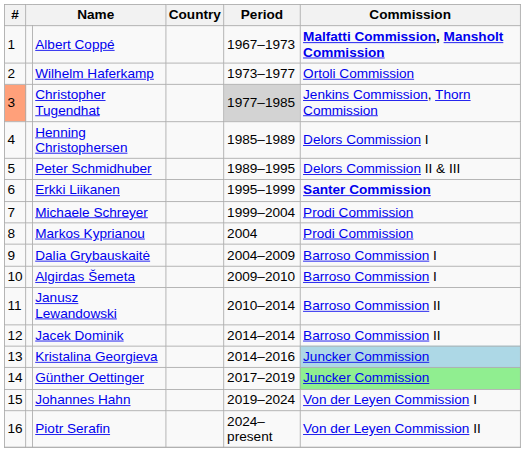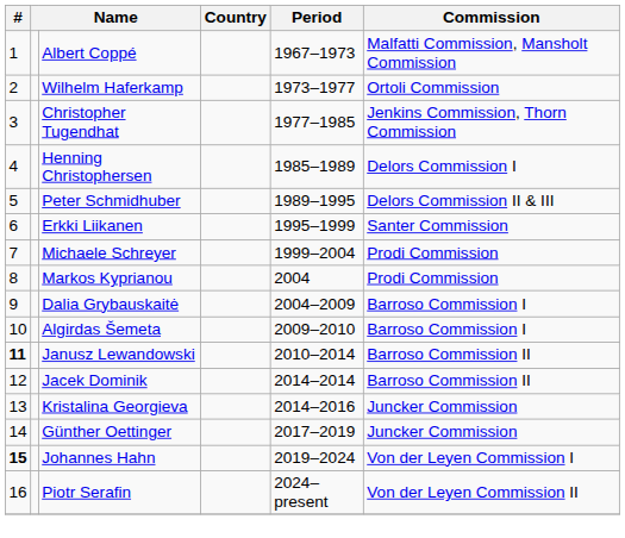 <table class="wikitable">
 <tr>
 <th>#</th>
 <th colspan=2>Name</th>
 <th>Country</th>
 <th>Period</th>
 <th>Commission</th>
 </tr>
 <tr>
 <td>1</td>
 <td></td>
 <td><a href='#'>Albert Coppé</a></td>
 <td></td>
 <td>1967–1973</td>
-<td><strong><a href='#'>Malfatti Commission</a>, <a href='#'>Mansholt Commission</a></strong></td>
+<td><a href='#'>Malfatti Commission</a>, <a href='#'>Mansholt Commission</a></td>
 </tr>
 <tr>
 <td>2</td>
 <td></td>
 <td><a href='#'>Wilhelm Haferkamp</a></td>
 <td></td>
 <td>1973–1977</td>
 <td><a href='#'>Ortoli Commission</a></td>
 </tr>
 <tr>
-<td style="background: lightsalmon;">3</td>
+<td>3</td>
 <td></td>
 <td><a href='#'>Christopher Tugendhat</a></td>
 <td></td>
-<td style="background: lightgrey;">1977–1985</td>
+<td>1977–1985</td>
 <td><a href='#'>Jenkins Commission</a>, <a href='#'>Thorn Commission</a></td>
 </tr>
 <tr>
 <td>4</td>
 <td></td>
 <td><a href='#'>Henning Christophersen</a></td>
 <td></td>
 <td>1985–1989</td>
 <td><a href='#'>Delors Commission</a> I</td>
 </tr>
 <tr>
 <td>5</td>
 <td></td>
 <td><a href='#'>Peter Schmidhuber</a></td>
 <td></td>
 <td>1989–1995</td>
 <td><a href='#'>Delors Commission</a> II & III</td>
 </tr>
 <tr>
 <td>6</td>
 <td></td>
 <td><a href='#'>Erkki Liikanen</a></td>
 <td></td>
 <td>1995–1999</td>
-<td><strong><a href='#'>Santer Commission</a></strong></td>
+<td><a href='#'>Santer Commission</a></td>
 </tr>
 <tr>
 <td>7</td>
 <td></td>
 <td><a href='#'>Michaele Schreyer</a></td>
 <td></td>
 <td>1999–2004</td>
 <td><a href='#'>Prodi Commission</a></td>
 </tr>
 <tr>
 <td>8</td>
 <td></td>
 <td><a href='#'>Markos Kyprianou</a></td>
 <td></td>
 <td>2004</td>
 <td><a href='#'>Prodi Commission</a></td>
 </tr>
 <tr>
 <td>9</td>
 <td></td>
 <td><a href='#'>Dalia Grybauskaitė</a></td>
 <td></td>
 <td>2004–2009</td>
 <td><a href='#'>Barroso Commission</a> I</td>
 </tr>
 <tr>
 <td>10</td>
 <td></td>
 <td><a href='#'>Algirdas Šemeta</a></td>
 <td></td>
 <td>2009–2010</td>
 <td><a href='#'>Barroso Commission</a> I</td>
 </tr>
 <tr>
-<td>11</td>
+<td><strong>11</strong></td>
 <td></td>
 <td><a href='#'>Janusz Lewandowski</a></td>
 <td></td>
 <td>2010–2014</td>
 <td><a href='#'>Barroso Commission</a> II</td>
 </tr>
 <tr>
 <td>12</td>
 <td></td>
 <td><a href='#'>Jacek Dominik</a></td>
 <td></td>
 <td>2014–2014</td>
 <td><a href='#'>Barroso Commission</a> II</td>
 </tr>
 <tr>
 <td>13</td>
 <td></td>
 <td><a href='#'>Kristalina Georgieva</a></td>
 <td></td>
 <td>2014–2016</td>
-<td style="background: lightblue;"><a href='#'>Juncker Commission</a></td>
+<td><a href='#'>Juncker Commission</a></td>
 </tr>
 <tr>
 <td>14</td>
 <td></td>
 <td><a href='#'>Günther Oettinger</a></td>
 <td></td>
 <td>2017–2019</td>
-<td style="background: lightgreen;"><a href='#'>Juncker Commission</a></td>
+<td><a href='#'>Juncker Commission</a></td>
 </tr>
 <tr>
-<td>15</td>
+<td><strong>15</strong></td>
 <td></td>
 <td><a href='#'>Johannes Hahn</a></td>
 <td></td>
 <td>2019–2024</td>
 <td><a href='#'>Von der Leyen Commission</a> I</td>
 </tr>
 <tr>
 <td>16</td>
 <td></td>
 <td><a href='#'>Piotr Serafin</a></td>
 <td></td>
 <td>2024–present</td>
 <td><a href='#'>Von der Leyen Commission</a> II</td>
 </tr>
 <tr>
 </tr>
 </table>
